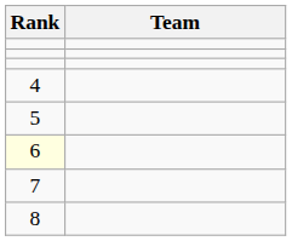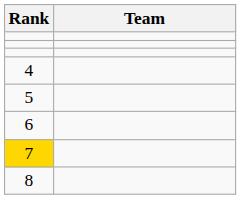 <table class="wikitable">
 <tr>
 <th>Rank</th>
 <th style="width:10em">Team</th>
 </tr>
 <tr>
 <td align=center></td>
 <td></td>
 </tr>
 <tr>
 <td align=center></td>
 <td></td>
 </tr>
 <tr>
 <td align=center></td>
 <td></td>
 </tr>
 <tr>
 <td align=center>4</td>
 <td></td>
 </tr>
 <tr>
 <td align=center>5</td>
 <td></td>
 </tr>
 <tr>
-<td align=center style="background: lightyellow;">6</td>
+<td align=center>6</td>
 <td></td>
 </tr>
 <tr>
-<td align=center>7</td>
+<td align=center style="background: gold;">7</td>
 <td></td>
 </tr>
 <tr>
 <td align=center>8</td>
 <td></td>
 </tr>
 </table>
